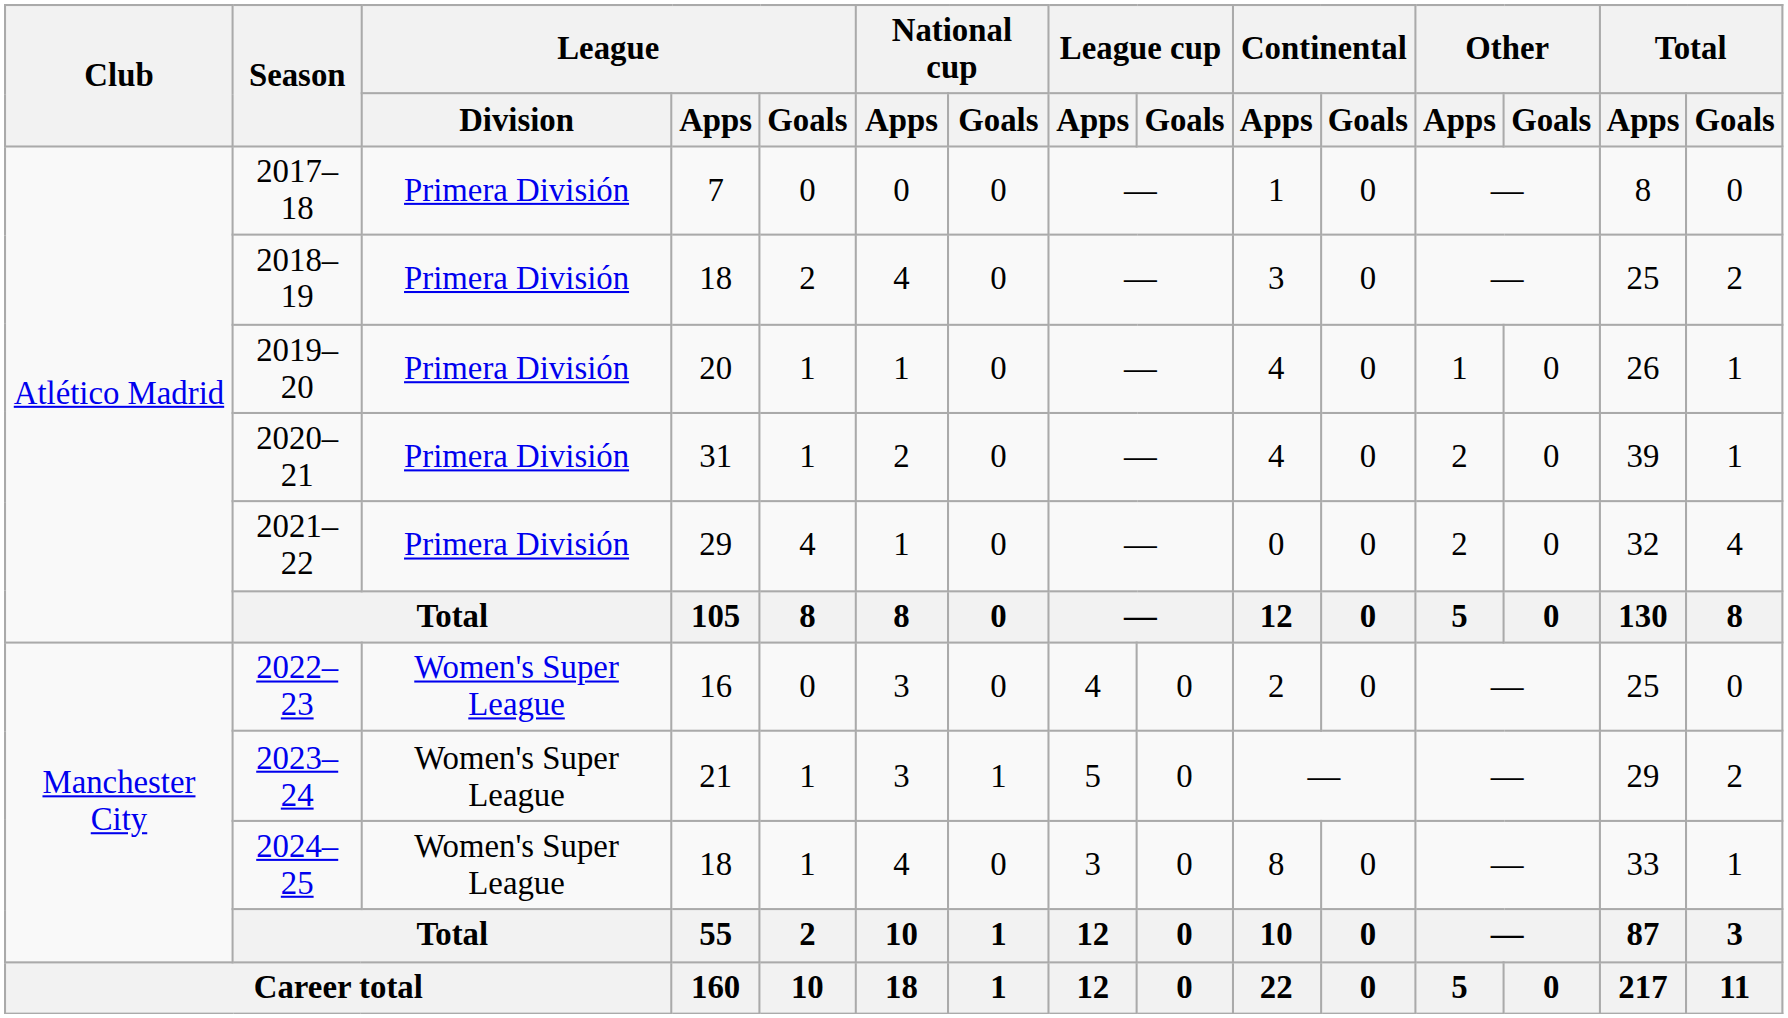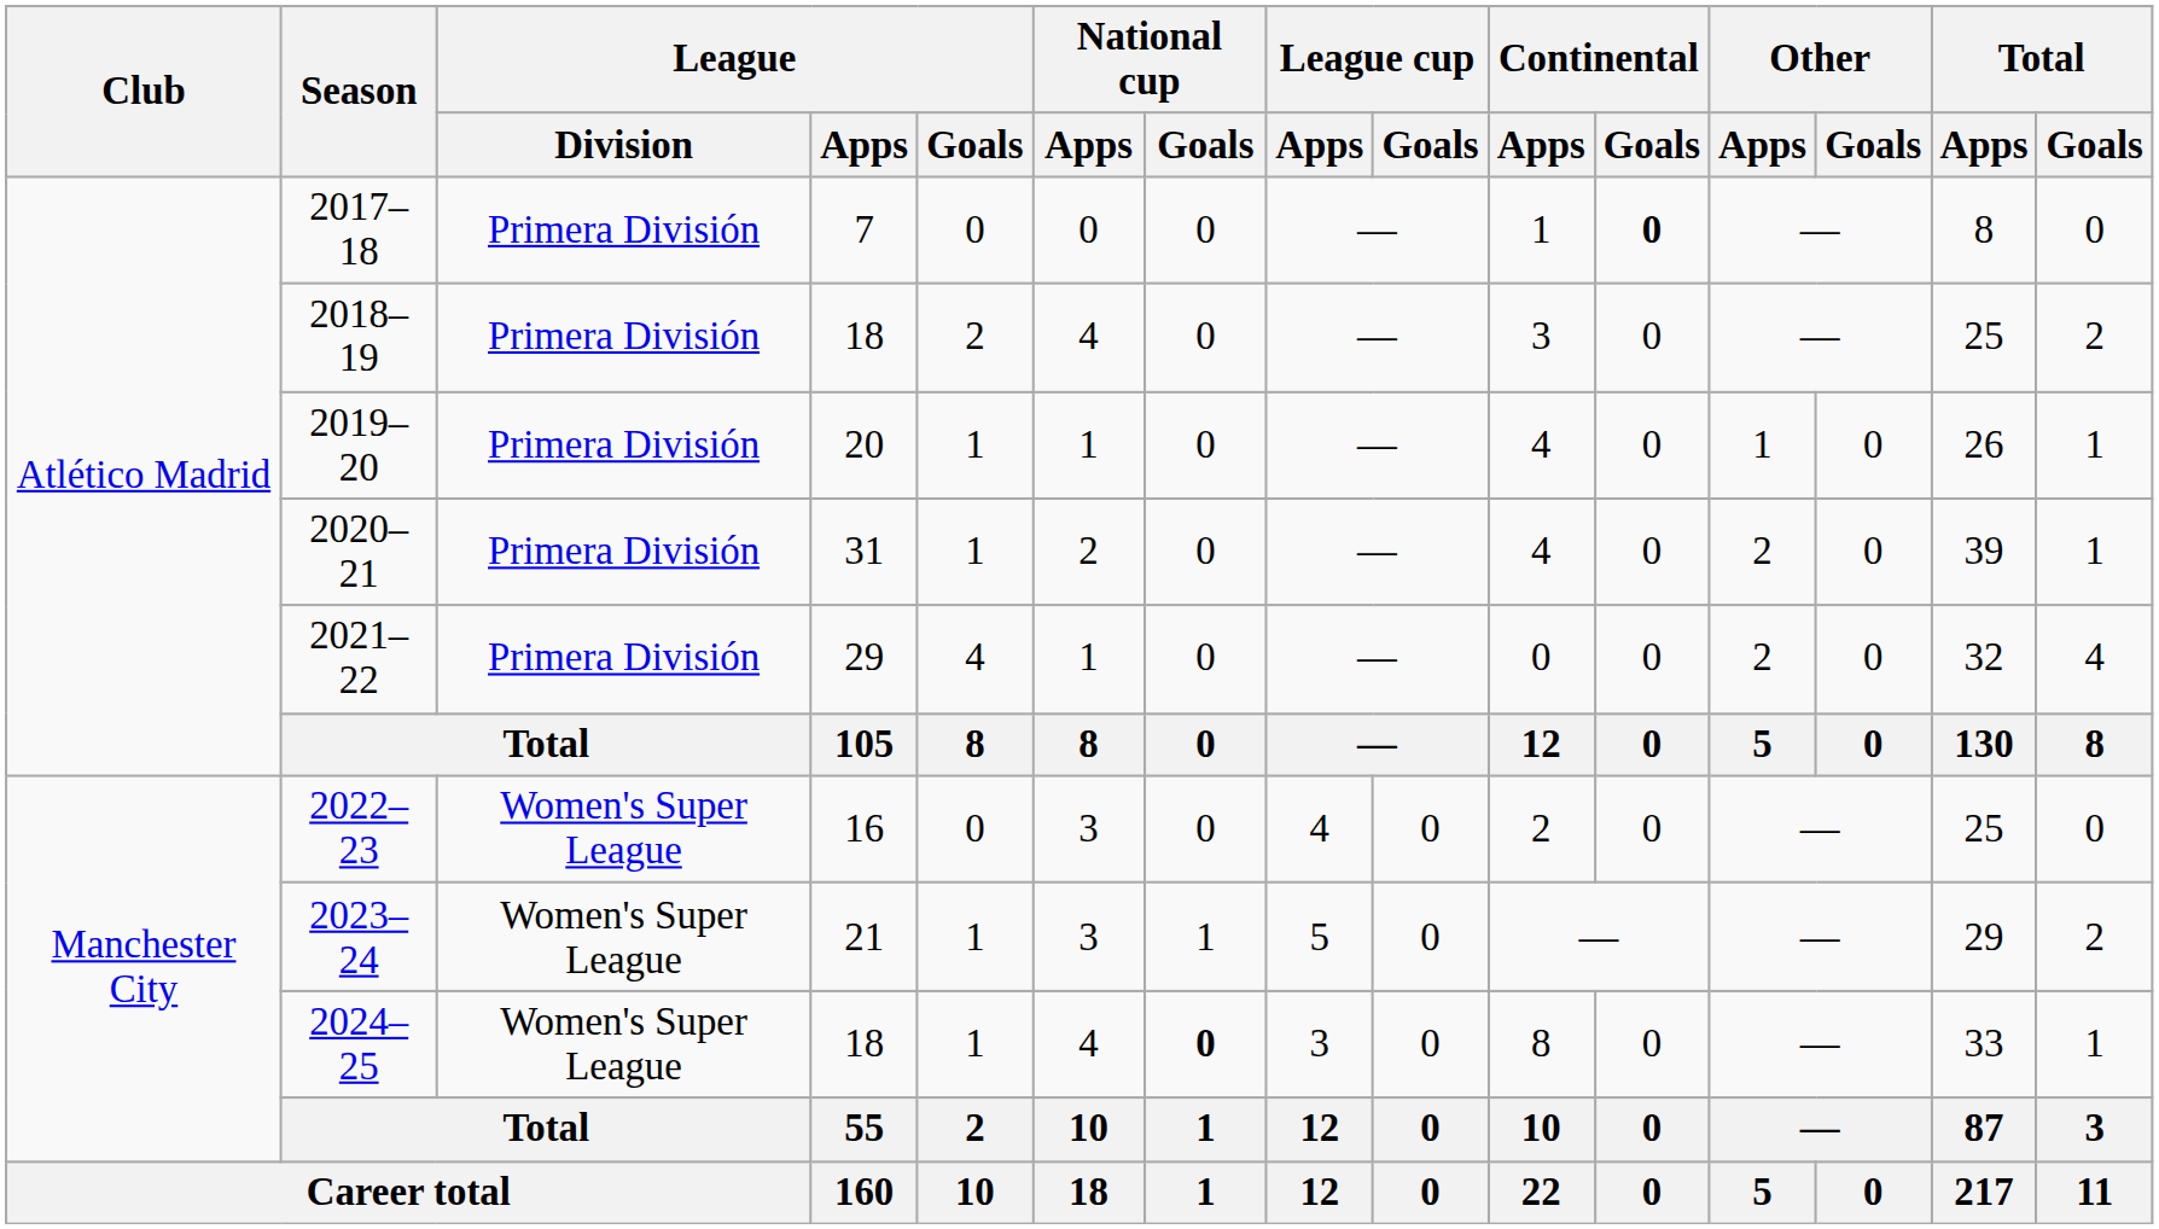 <table class="wikitable" style="text-align:center">
 <tr>
 <th rowspan="2">Club</th>
 <th rowspan="2">Season</th>
 <th colspan="3">League</th>
 <th colspan="2">National cup</th>
 <th colspan="2">League cup</th>
 <th colspan="2">Continental</th>
 <th colspan="2">Other</th>
 <th colspan="2">Total</th>
 </tr>
 <tr>
 <th>Division</th>
 <th>Apps</th>
 <th>Goals</th>
 <th>Apps</th>
 <th>Goals</th>
 <th>Apps</th>
 <th>Goals</th>
 <th>Apps</th>
 <th>Goals</th>
 <th>Apps</th>
 <th>Goals</th>
 <th>Apps</th>
 <th>Goals</th>
 </tr>
 <tr>
 <td rowspan="6"><a href='#'>Atlético Madrid</a></td>
 <td>2017–18</td>
 <td><a href='#'>Primera División</a></td>
 <td>7</td>
 <td>0</td>
 <td>0</td>
 <td>0</td>
 <td colspan="2">—</td>
 <td>1</td>
-<td>0</td>
+<td><strong>0</strong></td>
 <td colspan="2">—</td>
 <td>8</td>
 <td>0</td>
 </tr>
 <tr>
 <td>2018–19</td>
 <td><a href='#'>Primera División</a></td>
 <td>18</td>
 <td>2</td>
 <td>4</td>
 <td>0</td>
 <td colspan="2">—</td>
 <td>3</td>
 <td>0</td>
 <td colspan="2">—</td>
 <td>25</td>
 <td>2</td>
 </tr>
 <tr>
 <td>2019–20</td>
 <td><a href='#'>Primera División</a></td>
 <td>20</td>
 <td>1</td>
 <td>1</td>
 <td>0</td>
 <td colspan="2">—</td>
 <td>4</td>
 <td>0</td>
 <td>1</td>
 <td>0</td>
 <td>26</td>
 <td>1</td>
 </tr>
 <tr>
 <td>2020–21</td>
 <td><a href='#'>Primera División</a></td>
 <td>31</td>
 <td>1</td>
 <td>2</td>
 <td>0</td>
 <td colspan="2">—</td>
 <td>4</td>
 <td>0</td>
 <td>2</td>
 <td>0</td>
 <td>39</td>
 <td>1</td>
 </tr>
 <tr>
 <td>2021–22</td>
 <td><a href='#'>Primera División</a></td>
 <td>29</td>
 <td>4</td>
 <td>1</td>
 <td>0</td>
 <td colspan="2">—</td>
 <td>0</td>
 <td>0</td>
 <td>2</td>
 <td>0</td>
 <td>32</td>
 <td>4</td>
 </tr>
 <tr>
 <th colspan="2">Total</th>
 <th>105</th>
 <th>8</th>
 <th>8</th>
 <th>0</th>
 <th colspan="2">—</th>
 <th>12</th>
 <th>0</th>
 <th>5</th>
 <th>0</th>
 <th>130</th>
 <th>8</th>
 </tr>
 <tr>
 <td rowspan="4"><a href='#'>Manchester City</a></td>
 <td><a href='#'>2022–23</a></td>
 <td><a href='#'>Women's Super League</a></td>
 <td>16</td>
 <td>0</td>
 <td>3</td>
 <td>0</td>
 <td>4</td>
 <td>0</td>
 <td>2</td>
 <td>0</td>
 <td colspan="2">—</td>
 <td>25</td>
 <td>0</td>
 </tr>
 <tr>
 <td><a href='#'>2023–24</a></td>
 <td>Women's Super League</td>
 <td>21</td>
 <td>1</td>
 <td>3</td>
 <td>1</td>
 <td>5</td>
 <td>0</td>
 <td colspan="2">—</td>
 <td colspan="2">—</td>
 <td>29</td>
 <td>2</td>
 </tr>
 <tr>
 <td><a href='#'>2024–25</a></td>
 <td>Women's Super League</td>
 <td>18</td>
 <td>1</td>
 <td>4</td>
-<td>0</td>
+<td><strong>0</strong></td>
 <td>3</td>
 <td>0</td>
 <td>8</td>
 <td>0</td>
 <td colspan="2">—</td>
 <td>33</td>
 <td>1</td>
 </tr>
 <tr>
 <th colspan="2">Total</th>
 <th>55</th>
 <th>2</th>
 <th>10</th>
 <th>1</th>
 <th>12</th>
 <th>0</th>
 <th>10</th>
 <th>0</th>
 <th colspan="2">—</th>
 <th>87</th>
 <th>3</th>
 </tr>
 <tr>
 <th colspan="3">Career total</th>
 <th>160</th>
 <th>10</th>
 <th>18</th>
 <th>1</th>
 <th>12</th>
 <th>0</th>
 <th>22</th>
 <th>0</th>
 <th>5</th>
 <th>0</th>
 <th>217</th>
 <th>11</th>
 </tr>
 </table>
